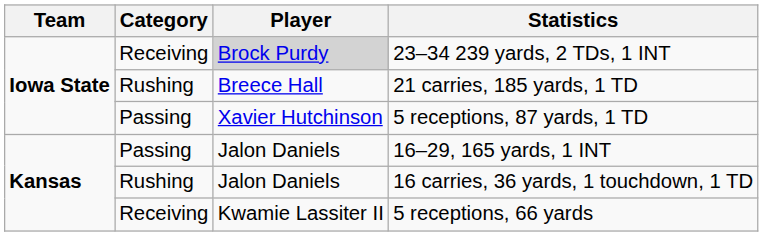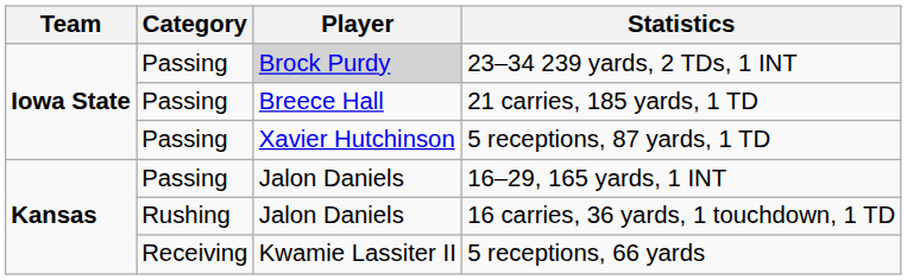 <table class="wikitable" style="float: left;">
 <tr>
 <th>Team</th>
 <th>Category</th>
 <th>Player</th>
 <th>Statistics</th>
 </tr>
 <tr>
 <td rowspan=3><strong>Iowa State</strong></td>
-<td>Receiving</td>
+<td>Passing</td>
 <td style="background: lightgrey;"><a href='#'>Brock Purdy</a></td>
 <td>23–34 239 yards, 2 TDs, 1 INT</td>
 </tr>
 <tr>
-<td>Rushing</td>
+<td>Passing</td>
 <td><a href='#'>Breece Hall</a></td>
 <td>21 carries, 185 yards, 1 TD</td>
 </tr>
 <tr>
 <td>Passing</td>
 <td><a href='#'>Xavier Hutchinson</a></td>
 <td>5 receptions, 87 yards, 1 TD</td>
 </tr>
 <tr>
 <td rowspan=3><strong>Kansas</strong></td>
 <td>Passing</td>
 <td>Jalon Daniels</td>
 <td>16–29, 165 yards, 1 INT</td>
 </tr>
 <tr>
 <td>Rushing</td>
 <td>Jalon Daniels</td>
 <td>16 carries, 36 yards, 1 touchdown, 1 TD</td>
 </tr>
 <tr>
 <td>Receiving</td>
 <td>Kwamie Lassiter II</td>
 <td>5 receptions, 66 yards</td>
 </tr>
 </table>
